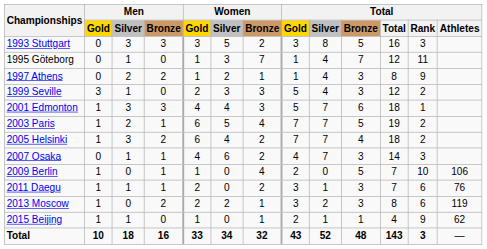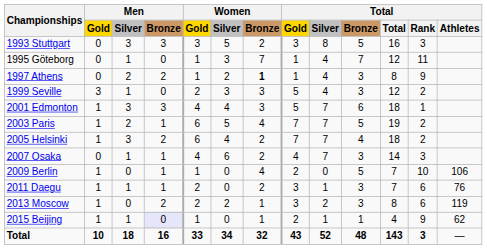 <table class="wikitable" style="text-align:center">
 <tr>
 <th rowspan="2">Championships</th>
 <th colspan="3">Men</th>
 <th colspan="3">Women</th>
 <th colspan="6">Total</th>
 </tr>
 <tr>
 <th style="background-color: gold;">Gold</th>
 <th style="background-color: silver;">Silver</th>
 <th style="background-color: #cc9966;">Bronze</th>
 <th style="background-color: gold;">Gold</th>
 <th style="background-color: silver;">Silver</th>
 <th style="background-color: #cc9966;">Bronze</th>
 <th style="background-color: gold;">Gold</th>
 <th style="background-color: silver;">Silver</th>
 <th style="background-color: #cc9966;">Bronze</th>
 <th>Total</th>
 <th>Rank</th>
 <th>Athletes</th>
 </tr>
 <tr>
 <td align="left"><a href='#'>1993 Stuttgart</a></td>
 <td>0</td>
 <td>3</td>
 <td>3</td>
 <td style="border-left-width: 3px;">3</td>
 <td>5</td>
 <td>2</td>
 <td style="border-left-width: 3px;">3</td>
 <td>8</td>
 <td>5</td>
 <td>16</td>
 <td>3</td>
 <td></td>
 </tr>
 <tr>
 <td align="left">1995 Göteborg</td>
 <td>0</td>
 <td>1</td>
 <td>0</td>
 <td style="border-left-width: 3px;">1</td>
 <td>3</td>
 <td>7</td>
 <td style="border-left-width: 3px;">1</td>
 <td>4</td>
 <td>7</td>
 <td>12</td>
 <td>11</td>
 <td></td>
 </tr>
 <tr>
 <td align="left"><a href='#'>1997 Athens</a></td>
 <td>0</td>
 <td>2</td>
 <td>2</td>
 <td style="border-left-width: 3px;">1</td>
 <td>2</td>
-<td>1</td>
+<td><strong>1</strong></td>
 <td style="border-left-width: 3px;">1</td>
 <td>4</td>
 <td>3</td>
 <td>8</td>
 <td>9</td>
 <td></td>
 </tr>
 <tr>
 <td align="left"><a href='#'>1999 Seville</a></td>
 <td>3</td>
 <td>1</td>
 <td>0</td>
 <td style="border-left-width: 3px;">2</td>
 <td>3</td>
 <td>3</td>
 <td style="border-left-width: 3px;">5</td>
 <td>4</td>
 <td>3</td>
 <td>12</td>
 <td>2</td>
 <td></td>
 </tr>
 <tr>
 <td align="left"><a href='#'>2001 Edmonton</a></td>
 <td>1</td>
 <td>3</td>
 <td>3</td>
 <td style="border-left-width: 3px;">4</td>
 <td>4</td>
 <td>3</td>
 <td style="border-left-width: 3px;">5</td>
 <td>7</td>
 <td>6</td>
 <td>18</td>
 <td>1</td>
 <td></td>
 </tr>
 <tr>
 <td align="left"><a href='#'>2003 Paris</a></td>
 <td>1</td>
 <td>2</td>
 <td>1</td>
 <td style="border-left-width: 3px;">6</td>
 <td>5</td>
 <td>4</td>
 <td style="border-left-width: 3px;">7</td>
 <td>7</td>
 <td>5</td>
 <td>19</td>
 <td>2</td>
 <td></td>
 </tr>
 <tr>
 <td align="left"><a href='#'>2005 Helsinki</a></td>
 <td>1</td>
 <td>3</td>
 <td>2</td>
 <td style="border-left-width: 3px;">6</td>
 <td>4</td>
 <td>2</td>
 <td style="border-left-width: 3px;">7</td>
 <td>7</td>
 <td>4</td>
 <td>18</td>
 <td>2</td>
 <td></td>
 </tr>
 <tr>
 <td align="left"><a href='#'>2007 Osaka</a></td>
 <td>0</td>
 <td>1</td>
 <td>1</td>
 <td style="border-left-width: 3px;">4</td>
 <td>6</td>
 <td>2</td>
 <td style="border-left-width: 3px;">4</td>
 <td>7</td>
 <td>3</td>
 <td>14</td>
 <td>3</td>
 <td></td>
 </tr>
 <tr>
 <td align="left"><a href='#'>2009 Berlin</a></td>
 <td>1</td>
 <td>0</td>
 <td>1</td>
 <td style="border-left-width: 3px;">1</td>
 <td>0</td>
 <td>4</td>
 <td style="border-left-width: 3px;">2</td>
 <td>0</td>
 <td>5</td>
 <td>7</td>
 <td>10</td>
 <td>106</td>
 </tr>
 <tr>
 <td align="left"><a href='#'>2011 Daegu</a></td>
 <td>1</td>
 <td>1</td>
 <td>1</td>
 <td style="border-left-width: 3px;">2</td>
 <td>0</td>
 <td>2</td>
 <td style="border-left-width: 3px;">3</td>
 <td>1</td>
 <td>3</td>
 <td>7</td>
 <td>6</td>
 <td>76</td>
 </tr>
 <tr>
 <td align="left"><a href='#'>2013 Moscow</a></td>
 <td>1</td>
 <td>0</td>
 <td>2</td>
 <td style="border-left-width: 3px;">2</td>
 <td>2</td>
 <td>1</td>
 <td style="border-left-width: 3px;">3</td>
 <td>2</td>
 <td>3</td>
 <td>8</td>
 <td>6</td>
 <td>119</td>
 </tr>
 <tr>
 <td align="left"><a href='#'>2015 Beijing</a></td>
 <td>1</td>
 <td>1</td>
-<td>0</td>
+<td style="background: lavender;">0</td>
 <td style="border-left-width: 3px;">1</td>
 <td>0</td>
 <td>1</td>
 <td style="border-left-width: 3px;">2</td>
 <td>1</td>
 <td>1</td>
 <td>4</td>
 <td>9</td>
 <td>62</td>
 </tr>
 <tr>
 <td align="left"><strong>Total</strong></td>
 <td><strong>10</strong></td>
 <td><strong>18</strong></td>
 <td><strong>16</strong></td>
 <td style="border-left-width: 3px;"><strong>33</strong></td>
 <td><strong>34</strong></td>
 <td><strong>32</strong></td>
 <td style="border-left-width: 3px;"><strong>43</strong></td>
 <td><strong>52</strong></td>
 <td><strong>48</strong></td>
 <td><strong>143</strong></td>
 <td><strong>3</strong></td>
 <td>—</td>
 </tr>
 </table>
